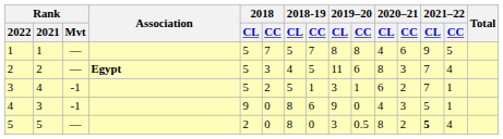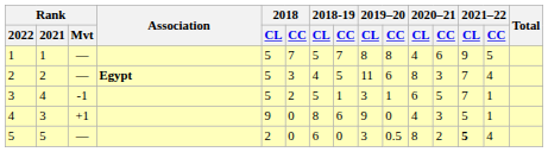 <table class="wikitable">
 <tr>
 <th colspan=3>Rank</th>
 <th rowspan=2 width=200>Association</th>
 <th colspan=2>2018<br></th>
 <th colspan=2>2018-19<br></th>
 <th colspan=2>2019–20<br></th>
 <th colspan=2>2020–21<br></th>
 <th colspan=2>2021–22<br></th>
 <th rowspan=2>Total</th>
 </tr>
 <tr>
 <th>2022</th>
 <th>2021</th>
 <th>Mvt</th>
 <th><a href='#'>CL</a></th>
 <th><a href='#'>CC</a></th>
 <th><a href='#'>CL</a></th>
 <th><a href='#'>CC</a></th>
 <th><a href='#'>CL</a></th>
 <th><a href='#'>CC</a></th>
 <th><a href='#'>CL</a></th>
 <th><a href='#'>CC</a></th>
 <th><a href='#'>CL</a></th>
 <th><a href='#'>CC</a></th>
 </tr>
 <tr bgcolor=#FFFFBB>
 <td>1</td>
 <td>1</td>
 <td align=center> —</td>
 <td></td>
 <td>5</td>
 <td>7</td>
 <td>5</td>
 <td>7</td>
 <td>8</td>
 <td>8</td>
 <td>4</td>
 <td>6</td>
 <td>9</td>
 <td>5</td>
 <td><strong></strong></td>
 </tr>
 <tr bgcolor=#FFFFBB>
 <td>2</td>
 <td>2</td>
 <td align=center> —</td>
 <td><strong> Egypt</strong></td>
 <td>5</td>
 <td>3</td>
 <td>4</td>
 <td>5</td>
 <td>11</td>
 <td>6</td>
 <td>8</td>
 <td>3</td>
 <td>7</td>
 <td>4</td>
 <td><strong></strong></td>
 </tr>
 <tr bgcolor=#FFFFBB>
 <td>3</td>
 <td>4</td>
 <td align=center> -1</td>
 <td></td>
 <td>5</td>
 <td>2</td>
 <td>5</td>
 <td>1</td>
 <td>3</td>
 <td>1</td>
 <td>6</td>
-<td>2</td>
+<td>5</td>
 <td>7</td>
 <td>1</td>
 <td><strong></strong></td>
 </tr>
 <tr bgcolor=#FFFFBB>
 <td>4</td>
 <td>3</td>
-<td align=center> -1</td>
+<td align=center> +1</td>
 <td></td>
 <td>9</td>
 <td>0</td>
 <td>8</td>
 <td>6</td>
 <td>9</td>
 <td>0</td>
 <td>4</td>
 <td>3</td>
 <td>5</td>
 <td>1</td>
 <td><strong></strong></td>
 </tr>
 <tr bgcolor=#FFFFBB>
 <td>5</td>
 <td>5</td>
 <td align=center> —</td>
 <td></td>
 <td>2</td>
 <td>0</td>
-<td>8</td>
+<td>6</td>
 <td>0</td>
 <td>3</td>
 <td>0.5</td>
 <td>8</td>
 <td>2</td>
 <td><strong>5</strong></td>
 <td>4</td>
 <td><strong></strong></td>
 </tr>
 </table>
